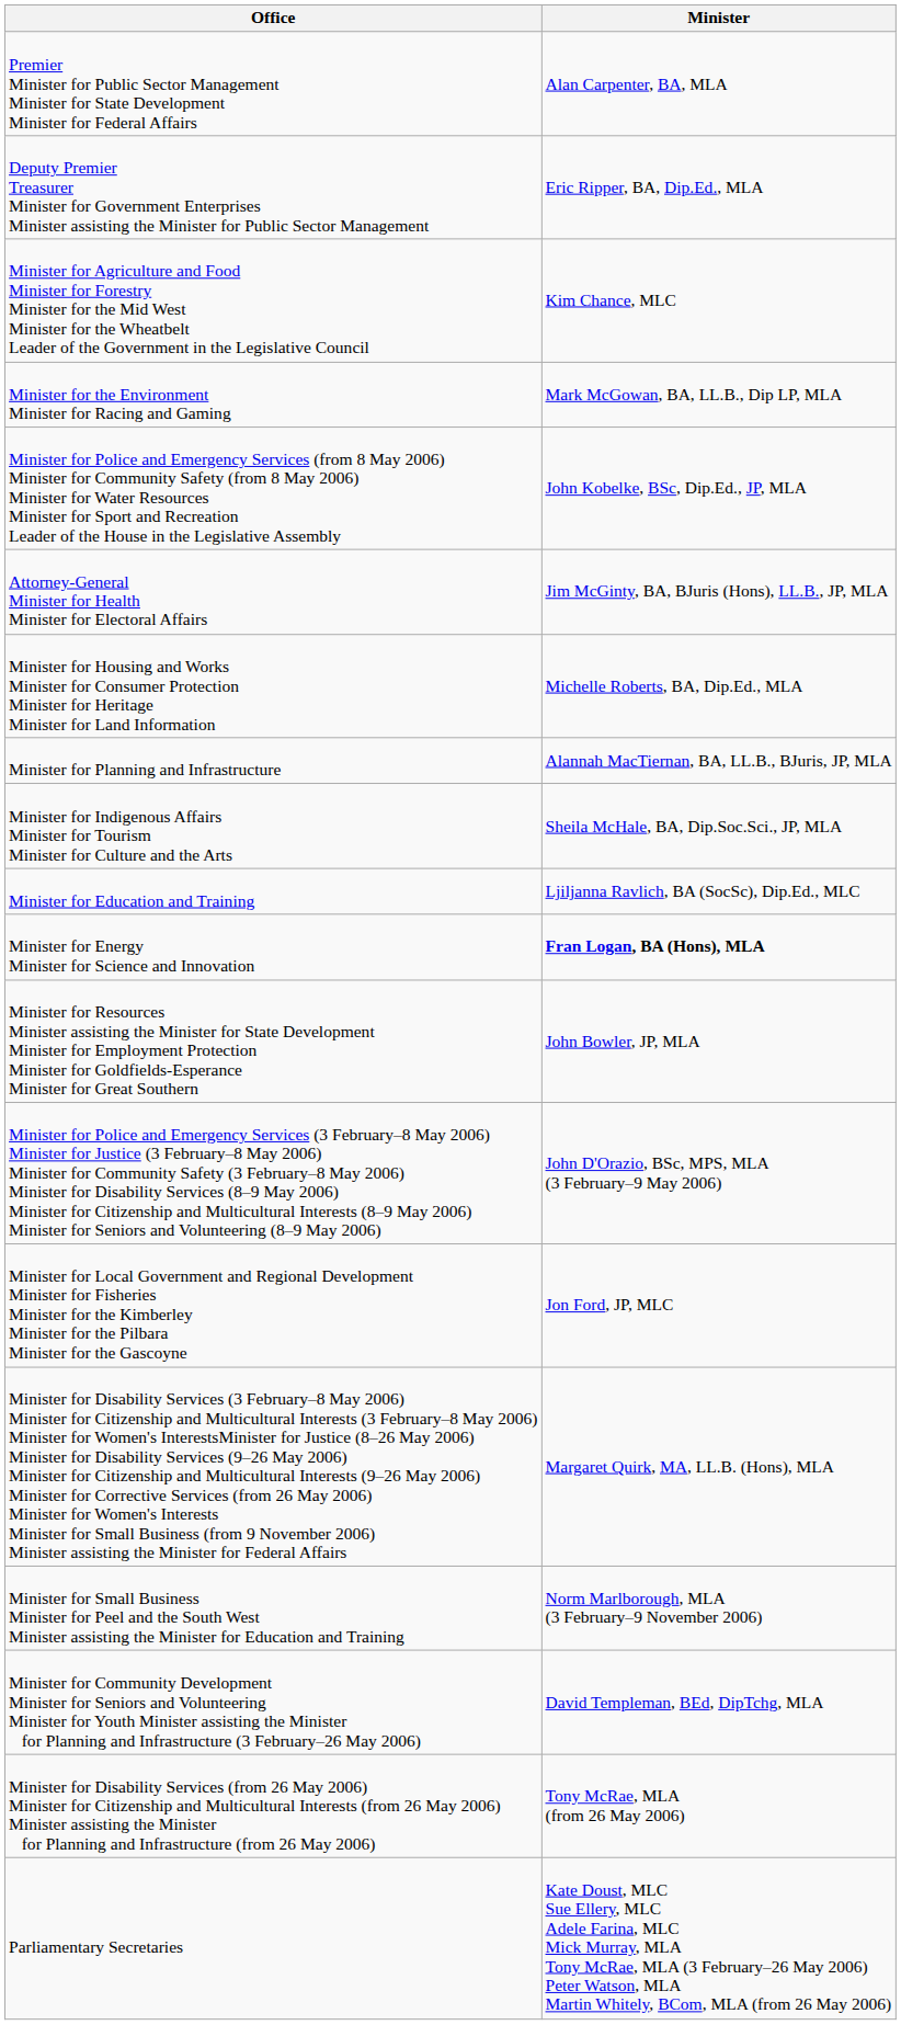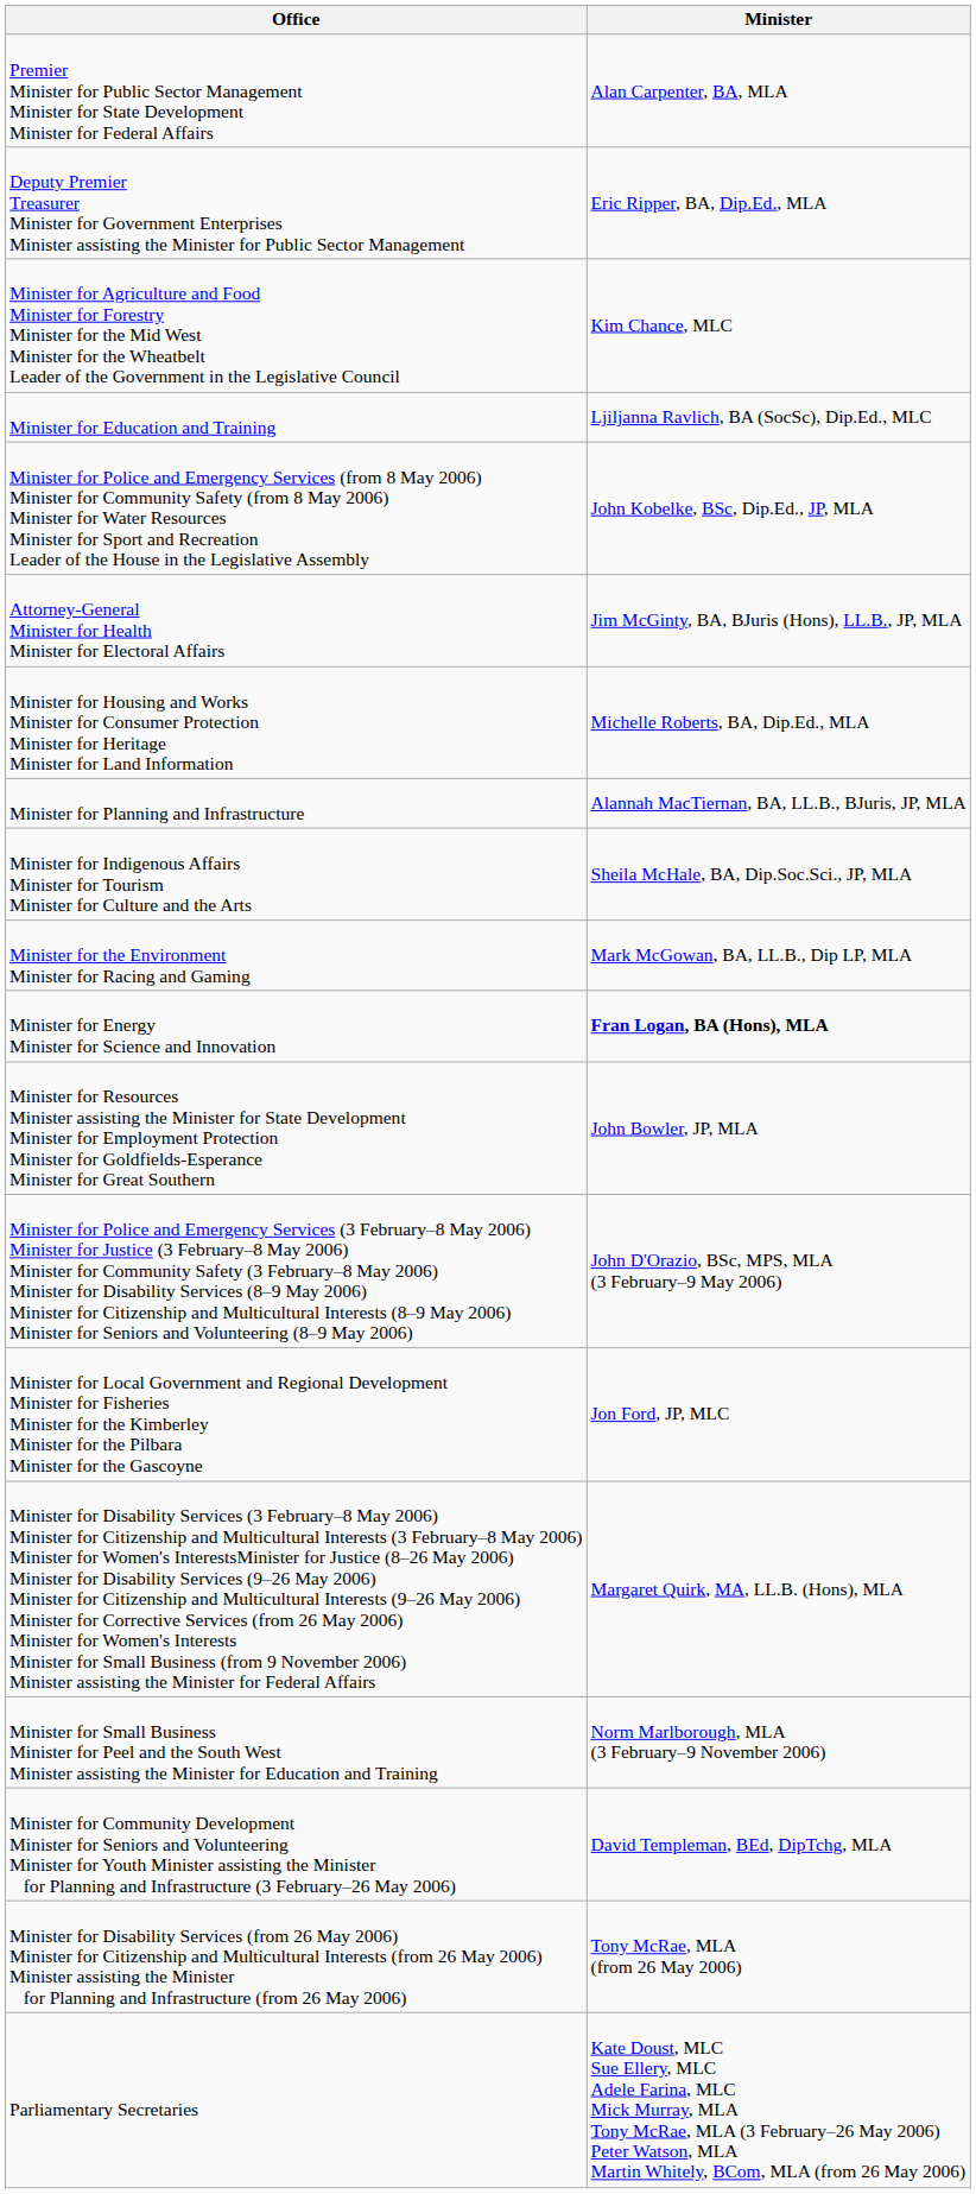 <table class="wikitable">
 <tr>
 <th>Office</th>
 <th>Minister</th>
 </tr>
 <tr>
 <td><br><a href='#'>Premier</a><br> Minister for Public Sector Management<br> Minister for State Development<br> Minister for Federal Affairs</td>
 <td><a href='#'>Alan Carpenter</a>, <a href='#'>BA</a>, MLA</td>
 </tr>
 <tr>
 <td><br><a href='#'>Deputy Premier</a><br> <a href='#'>Treasurer</a><br> Minister for Government Enterprises<br> Minister assisting the Minister for Public Sector Management</td>
 <td><a href='#'>Eric Ripper</a>, BA, <a href='#'>Dip.Ed.</a>, MLA</td>
 </tr>
 <tr>
 <td><br><a href='#'>Minister for Agriculture and Food</a><br> <a href='#'>Minister for Forestry</a><br> Minister for the Mid West<br> Minister for the Wheatbelt<br> Leader of the Government in the Legislative Council</td>
 <td><a href='#'>Kim Chance</a>, MLC</td>
 </tr>
 <tr>
-<td><br><a href='#'>Minister for the Environment</a><br> Minister for Racing and Gaming</td>
-<td><a href='#'>Mark McGowan</a>, BA, LL.B., Dip LP, MLA</td>
+<td><br><a href='#'>Minister for Education and Training</a></td>
+<td><a href='#'>Ljiljanna Ravlich</a>, BA (SocSc), Dip.Ed., MLC</td>
 </tr>
 <tr>
 <td><br><a href='#'>Minister for Police and Emergency Services</a> (from 8 May 2006)<br> Minister for Community Safety (from 8 May 2006)<br> Minister for Water Resources<br> Minister for Sport and Recreation<br> Leader of the House in the Legislative Assembly</td>
 <td><a href='#'>John Kobelke</a>, <a href='#'>BSc</a>, Dip.Ed., <a href='#'>JP</a>, MLA</td>
 </tr>
 <tr>
 <td><br><a href='#'>Attorney-General</a><br> <a href='#'>Minister for Health</a><br> Minister for Electoral Affairs</td>
 <td><a href='#'>Jim McGinty</a>, BA, BJuris (Hons), <a href='#'>LL.B.</a>, JP, MLA</td>
 </tr>
 <tr>
 <td><br>Minister for Housing and Works<br> Minister for Consumer Protection<br> Minister for Heritage<br> Minister for Land Information</td>
 <td><a href='#'>Michelle Roberts</a>, BA, Dip.Ed., MLA</td>
 </tr>
 <tr>
 <td><br>Minister for Planning and Infrastructure</td>
 <td><a href='#'>Alannah MacTiernan</a>, BA, LL.B., BJuris, JP, MLA</td>
 </tr>
 <tr>
 <td><br>Minister for Indigenous Affairs<br> Minister for Tourism<br> Minister for Culture and the Arts</td>
 <td><a href='#'>Sheila McHale</a>, BA, Dip.Soc.Sci., JP, MLA</td>
 </tr>
 <tr>
-<td><br><a href='#'>Minister for Education and Training</a></td>
-<td><a href='#'>Ljiljanna Ravlich</a>, BA (SocSc), Dip.Ed., MLC</td>
+<td><br><a href='#'>Minister for the Environment</a><br> Minister for Racing and Gaming</td>
+<td><a href='#'>Mark McGowan</a>, BA, LL.B., Dip LP, MLA</td>
 </tr>
 <tr>
 <td><br>Minister for Energy<br> Minister for Science and Innovation</td>
 <td><strong><a href='#'>Fran Logan</a>, BA (Hons), MLA</strong></td>
 </tr>
 <tr>
 <td><br>Minister for Resources<br> Minister assisting the Minister for State Development<br> Minister for Employment Protection<br> Minister for Goldfields-Esperance<br> Minister for Great Southern</td>
 <td><a href='#'>John Bowler</a>, JP, MLA</td>
 </tr>
 <tr>
 <td><br><a href='#'>Minister for Police and Emergency Services</a> (3 February–8 May 2006)<br> <a href='#'>Minister for Justice</a> (3 February–8 May 2006)<br> Minister for Community Safety (3 February–8 May 2006)<br>Minister for Disability Services (8–9 May 2006)<br> Minister for Citizenship and Multicultural Interests (8–9 May 2006)<br> Minister for Seniors and Volunteering (8–9 May 2006)<br></td>
 <td><a href='#'>John D'Orazio</a>, BSc, MPS, MLA<br>(3 February–9 May 2006)</td>
 </tr>
 <tr>
 <td><br>Minister for Local Government and Regional Development<br> Minister for Fisheries<br> Minister for the Kimberley<br> Minister for the Pilbara<br> Minister for the Gascoyne</td>
 <td><a href='#'>Jon Ford</a>, JP, MLC</td>
 </tr>
 <tr>
 <td><br>Minister for Disability Services (3 February–8 May 2006)<br> Minister for Citizenship and Multicultural Interests (3 February–8 May 2006)<br> Minister for Women's InterestsMinister for Justice (8–26 May 2006)<br> Minister for Disability Services (9–26 May 2006)<br> Minister for Citizenship and Multicultural Interests (9–26 May 2006)<br>Minister for Corrective Services (from 26 May 2006)<br> Minister for Women's Interests<br> Minister for Small Business (from 9 November 2006)<br> Minister assisting the Minister for Federal Affairs</td>
 <td><a href='#'>Margaret Quirk</a>, <a href='#'>MA</a>, LL.B. (Hons), MLA</td>
 </tr>
 <tr>
 <td><br>Minister for Small Business<br> Minister for Peel and the South West<br> Minister assisting the Minister for Education and Training</td>
 <td><a href='#'>Norm Marlborough</a>, MLA<br>(3 February–9 November 2006)</td>
 </tr>
 <tr>
 <td><br>Minister for Community Development<br> Minister for Seniors and Volunteering<br> Minister for Youth Minister assisting the Minister<br>   for Planning and Infrastructure (3 February–26 May 2006)</td>
 <td><a href='#'>David Templeman</a>, <a href='#'>BEd</a>, <a href='#'>DipTchg</a>, MLA</td>
 </tr>
 <tr>
 <td><br>Minister for Disability Services (from 26 May 2006)<br> Minister for Citizenship and Multicultural Interests (from 26 May 2006)<br> Minister assisting the Minister<br>   for Planning and Infrastructure (from 26 May 2006)</td>
 <td><a href='#'>Tony McRae</a>, MLA<br>(from 26 May 2006)</td>
 </tr>
 <tr>
 <td><br>Parliamentary Secretaries</td>
 <td><br><a href='#'>Kate Doust</a>, MLC<br> <a href='#'>Sue Ellery</a>, MLC<br> <a href='#'>Adele Farina</a>, MLC<br> <a href='#'>Mick Murray</a>, MLA<br> <a href='#'>Tony McRae</a>, MLA (3 February–26 May 2006)<br> <a href='#'>Peter Watson</a>, MLA<br> <a href='#'>Martin Whitely</a>, <a href='#'>BCom</a>, MLA (from 26 May 2006)</td>
 </tr>
 </table>
